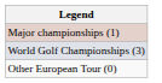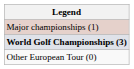 <table class="wikitable" style="font-size:95%;">
 <tr>
 <th>Legend</th>
 </tr>
 <tr style="background:#e5d1cb;">
 <td>Major championships (1)</td>
 </tr>
 <tr style="background:#dfe2e9;">
-<td>World Golf Championships (3)</td>
+<td><strong>World Golf Championships (3)</strong></td>
 </tr>
 <tr>
 <td>Other European Tour (0)</td>
 </tr>
 </table>
